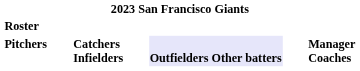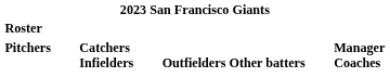 <table class="toccolours" style="font-size: 95%;">
 <tr>
 <th colspan="10">2023 San Francisco Giants</th>
 </tr>
 <tr>
 <td colspan="10"><strong>Roster</strong></td>
 </tr>
 <tr>
 <td valign="top"><strong>Pitchers</strong><br>                    </td>
 <td style="width:25px;"></td>
 <td valign="top"><strong>Catchers</strong><br>     <strong>Infielders</strong>             </td>
 <td style="width:25px;"></td>
-<td valign="top" style="background: lavender;"><br><strong>Outfielders</strong>             <strong>Other batters</strong> </td>
+<td valign="top"><br><strong>Outfielders</strong>             <strong>Other batters</strong> </td>
 <td style="width:25px;"></td>
 <td valign="top"><strong>Manager</strong><br>    <strong>Coaches</strong>                                </td>
 </tr>
 </table>
